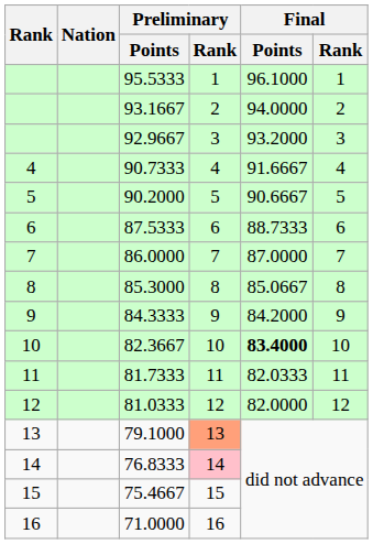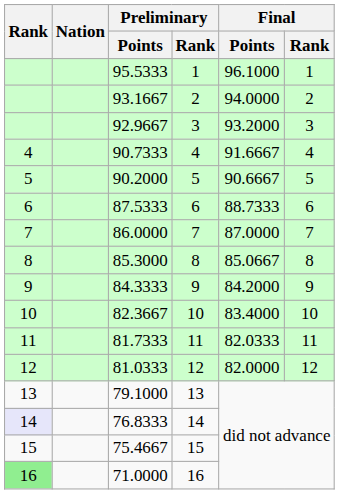 <table class="wikitable sortable" style="text-align:center">
 <tr>
 <th rowspan=2>Rank</th>
 <th rowspan=2>Nation</th>
 <th colspan=2>Preliminary</th>
 <th colspan=2>Final</th>
 </tr>
 <tr>
 <th>Points</th>
 <th>Rank</th>
 <th>Points</th>
 <th>Rank</th>
 </tr>
 <tr bgcolor=ccffcc>
 <td></td>
 <td align=left></td>
 <td>95.5333</td>
 <td>1</td>
 <td>96.1000</td>
 <td>1</td>
 </tr>
 <tr bgcolor=ccffcc>
 <td></td>
 <td align=left></td>
 <td>93.1667</td>
 <td>2</td>
 <td>94.0000</td>
 <td>2</td>
 </tr>
 <tr bgcolor=ccffcc>
 <td></td>
 <td align=left></td>
 <td>92.9667</td>
 <td>3</td>
 <td>93.2000</td>
 <td>3</td>
 </tr>
 <tr bgcolor=ccffcc>
 <td>4</td>
 <td align=left></td>
 <td>90.7333</td>
 <td>4</td>
 <td>91.6667</td>
 <td>4</td>
 </tr>
 <tr bgcolor=ccffcc>
 <td>5</td>
 <td align=left></td>
 <td>90.2000</td>
 <td>5</td>
 <td>90.6667</td>
 <td>5</td>
 </tr>
 <tr bgcolor=ccffcc>
 <td>6</td>
 <td align=left></td>
 <td>87.5333</td>
 <td>6</td>
 <td>88.7333</td>
 <td>6</td>
 </tr>
 <tr bgcolor=ccffcc>
 <td>7</td>
 <td align=left></td>
 <td>86.0000</td>
 <td>7</td>
 <td>87.0000</td>
 <td>7</td>
 </tr>
 <tr bgcolor=ccffcc>
 <td>8</td>
 <td align=left></td>
 <td>85.3000</td>
 <td>8</td>
 <td>85.0667</td>
 <td>8</td>
 </tr>
 <tr bgcolor=ccffcc>
 <td>9</td>
 <td align=left></td>
 <td>84.3333</td>
 <td>9</td>
 <td>84.2000</td>
 <td>9</td>
 </tr>
 <tr bgcolor=ccffcc>
 <td>10</td>
 <td align=left></td>
 <td>82.3667</td>
 <td>10</td>
-<td><strong>83.4000</strong></td>
+<td>83.4000</td>
 <td>10</td>
 </tr>
 <tr bgcolor=ccffcc>
 <td>11</td>
 <td align=left></td>
 <td>81.7333</td>
 <td>11</td>
 <td>82.0333</td>
 <td>11</td>
 </tr>
 <tr bgcolor=ccffcc>
 <td>12</td>
 <td align=left></td>
 <td>81.0333</td>
 <td>12</td>
 <td>82.0000</td>
 <td>12</td>
 </tr>
 <tr>
 <td>13</td>
 <td align=left></td>
 <td>79.1000</td>
-<td style="background: lightsalmon;">13</td>
+<td>13</td>
 <td rowspan=4 colspan=2>did not advance</td>
 </tr>
 <tr>
-<td>14</td>
+<td style="background: lavender;">14</td>
 <td align=left></td>
 <td>76.8333</td>
-<td style="background: pink;">14</td>
+<td>14</td>
 </tr>
 <tr>
 <td>15</td>
 <td align=left></td>
 <td>75.4667</td>
 <td>15</td>
 </tr>
 <tr>
-<td>16</td>
+<td style="background: lightgreen;">16</td>
 <td align=left></td>
 <td>71.0000</td>
 <td>16</td>
 </tr>
 </table>
